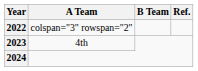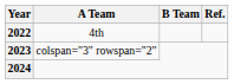 <table class="wikitable" style="text-align: center;">
 <tr>
 <th>Year</th>
 <th>A Team</th>
 <th>B Team</th>
 <th>Ref.</th>
 </tr>
 <tr>
 <th>2022</th>
-<td>colspan="3" rowspan="2"</td>
+<td>4th</td>
 <td></td>
 <td></td>
 </tr>
 <tr>
 <th>2023</th>
-<td>4th</td>
+<td>colspan="3" rowspan="2"</td>
 </tr>
 <tr>
 <th>2024</th>
 </tr>
 </table>
